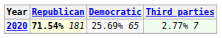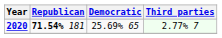 <table class="wikitable" style="float:right; font-size:95%;">
 <tr bgcolor=lightgrey>
 <th>Year</th>
 <th><a href='#'>Republican</a></th>
 <th><a href='#'>Democratic</a></th>
 <th><a href='#'>Third parties</a></th>
 </tr>
 <tr>
 <td style="text-align:center;" ><strong><a href='#'>2020</a></strong></td>
-<td style="background: lightyellow; text-align:center;" ><strong>71.54%</strong> <em>181</em></td>
+<td style="text-align:center;" ><strong>71.54%</strong> <em>181</em></td>
 <td style="text-align:center;" >25.69% <em>65</em></td>
 <td style="text-align:center; background:honeyDew;">2.77% <em>7</em></td>
 </tr>
 <tr>
 </tr>
 </table>
